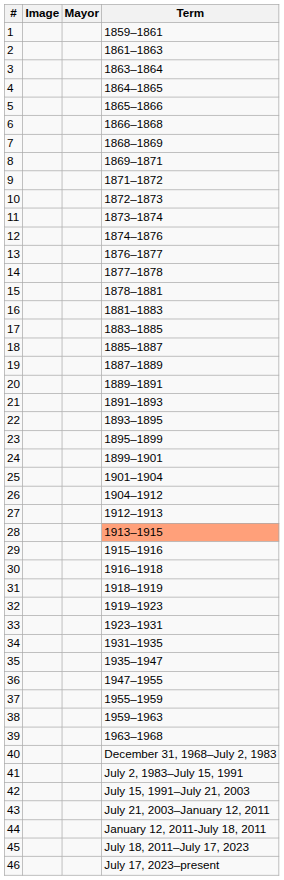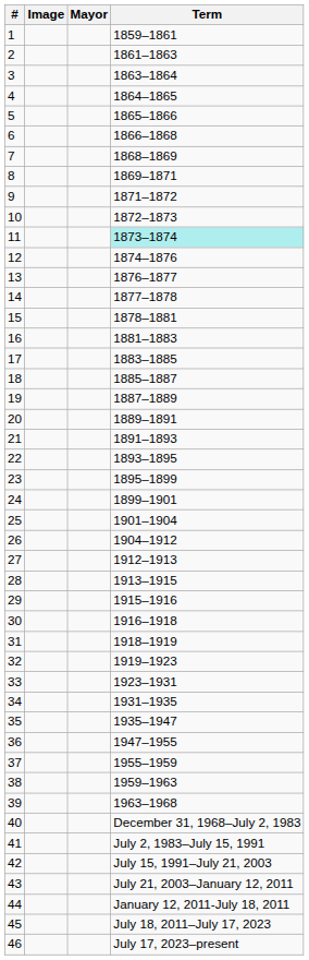 <table class="wikitable">
 <tr>
 <th>#</th>
 <th>Image</th>
 <th>Mayor</th>
 <th>Term</th>
 </tr>
 <tr>
 <td>1</td>
 <td></td>
 <td></td>
 <td>1859–1861</td>
 </tr>
 <tr>
 <td>2</td>
 <td></td>
 <td></td>
 <td>1861–1863</td>
 </tr>
 <tr>
 <td>3</td>
 <td></td>
 <td></td>
 <td>1863–1864</td>
 </tr>
 <tr>
 <td>4</td>
 <td></td>
 <td></td>
 <td>1864–1865</td>
 </tr>
 <tr>
 <td>5</td>
 <td></td>
 <td></td>
 <td>1865–1866</td>
 </tr>
 <tr>
 <td>6</td>
 <td></td>
 <td></td>
 <td>1866–1868</td>
 </tr>
 <tr>
 <td>7</td>
 <td></td>
 <td></td>
 <td>1868–1869</td>
 </tr>
 <tr>
 <td>8</td>
 <td></td>
 <td></td>
 <td>1869–1871 </td>
 </tr>
 <tr>
 <td>9</td>
 <td></td>
 <td></td>
 <td>1871–1872</td>
 </tr>
 <tr>
 <td>10</td>
 <td></td>
 <td></td>
 <td>1872–1873</td>
 </tr>
 <tr>
 <td>11</td>
 <td></td>
 <td></td>
-<td>1873–1874</td>
+<td style="background: paleturquoise;">1873–1874</td>
 </tr>
 <tr>
 <td>12</td>
 <td></td>
 <td></td>
 <td>1874–1876</td>
 </tr>
 <tr>
 <td>13</td>
 <td></td>
 <td></td>
 <td>1876–1877</td>
 </tr>
 <tr>
 <td>14</td>
 <td></td>
 <td></td>
 <td>1877–1878</td>
 </tr>
 <tr>
 <td>15</td>
 <td></td>
 <td></td>
 <td>1878–1881</td>
 </tr>
 <tr>
 <td>16</td>
 <td></td>
 <td></td>
 <td>1881–1883</td>
 </tr>
 <tr>
 <td>17</td>
 <td></td>
 <td></td>
 <td>1883–1885</td>
 </tr>
 <tr>
 <td>18</td>
 <td></td>
 <td></td>
 <td>1885–1887</td>
 </tr>
 <tr>
 <td>19</td>
 <td></td>
 <td></td>
 <td>1887–1889</td>
 </tr>
 <tr>
 <td>20</td>
 <td></td>
 <td></td>
 <td>1889–1891</td>
 </tr>
 <tr>
 <td>21</td>
 <td></td>
 <td></td>
 <td>1891–1893</td>
 </tr>
 <tr>
 <td>22</td>
 <td></td>
 <td></td>
 <td>1893–1895</td>
 </tr>
 <tr>
 <td>23</td>
 <td></td>
 <td></td>
 <td>1895–1899</td>
 </tr>
 <tr>
 <td>24</td>
 <td></td>
 <td></td>
 <td>1899–1901</td>
 </tr>
 <tr>
 <td>25</td>
 <td></td>
 <td></td>
 <td>1901–1904</td>
 </tr>
 <tr>
 <td>26</td>
 <td></td>
 <td></td>
 <td>1904–1912</td>
 </tr>
 <tr>
 <td>27</td>
 <td></td>
 <td></td>
 <td>1912–1913</td>
 </tr>
 <tr>
 <td>28</td>
 <td></td>
 <td></td>
-<td style="background: lightsalmon;">1913–1915</td>
+<td>1913–1915</td>
 </tr>
 <tr>
 <td>29</td>
 <td></td>
 <td></td>
 <td>1915–1916</td>
 </tr>
 <tr>
 <td>30</td>
 <td></td>
 <td></td>
 <td>1916–1918</td>
 </tr>
 <tr>
 <td>31</td>
 <td></td>
 <td></td>
 <td>1918–1919</td>
 </tr>
 <tr>
 <td>32</td>
 <td></td>
 <td></td>
 <td>1919–1923</td>
 </tr>
 <tr>
 <td>33</td>
 <td></td>
 <td></td>
 <td>1923–1931</td>
 </tr>
 <tr>
 <td>34</td>
 <td></td>
 <td></td>
 <td>1931–1935</td>
 </tr>
 <tr>
 <td>35</td>
 <td></td>
 <td></td>
 <td>1935–1947</td>
 </tr>
 <tr>
 <td>36</td>
 <td></td>
 <td></td>
 <td>1947–1955</td>
 </tr>
 <tr>
 <td>37</td>
 <td></td>
 <td></td>
 <td>1955–1959</td>
 </tr>
 <tr>
 <td>38</td>
 <td></td>
 <td></td>
 <td>1959–1963</td>
 </tr>
 <tr>
 <td>39</td>
 <td></td>
 <td></td>
 <td>1963–1968</td>
 </tr>
 <tr>
 <td>40</td>
 <td></td>
 <td></td>
 <td>December 31, 1968–July 2, 1983</td>
 </tr>
 <tr>
 <td>41</td>
 <td></td>
 <td></td>
 <td>July 2, 1983–July 15, 1991</td>
 </tr>
 <tr>
 <td>42</td>
 <td></td>
 <td></td>
 <td>July 15, 1991–July 21, 2003</td>
 </tr>
 <tr>
 <td>43</td>
 <td></td>
 <td></td>
 <td>July 21, 2003–January 12, 2011</td>
 </tr>
 <tr>
 <td>44</td>
 <td></td>
 <td></td>
 <td>January 12, 2011-July 18, 2011</td>
 </tr>
 <tr>
 <td>45</td>
 <td></td>
 <td></td>
 <td>July 18, 2011–July 17, 2023</td>
 </tr>
 <tr>
 <td>46</td>
 <td></td>
 <td></td>
 <td>July 17, 2023–present</td>
 </tr>
 </table>
